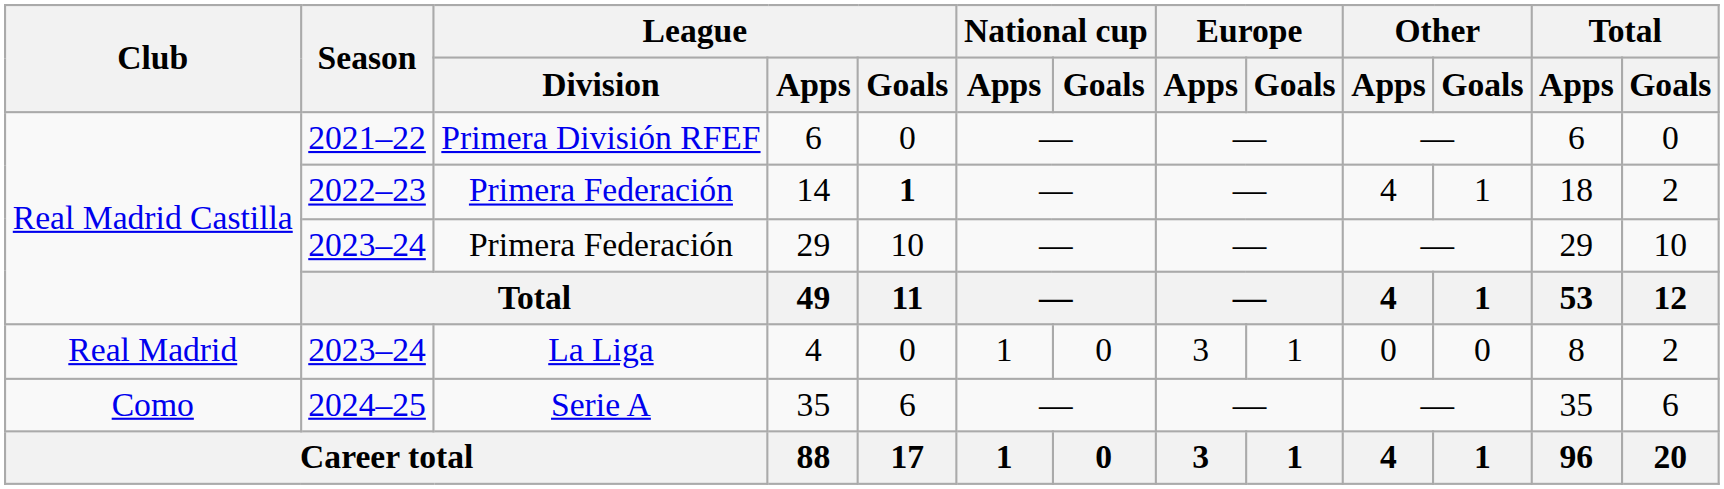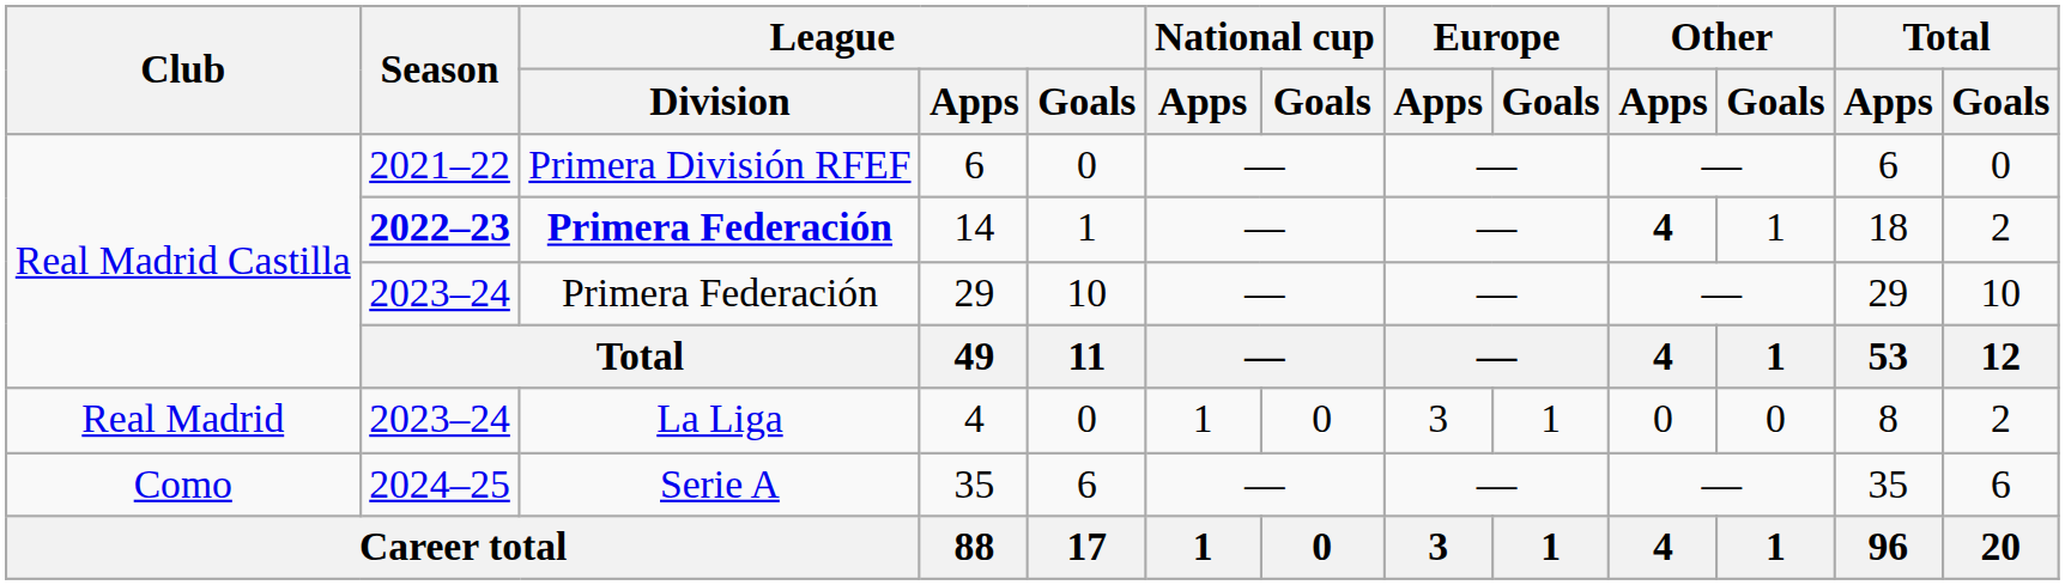 <table class=wikitable style=text-align:center>
 <tr>
 <th rowspan="2">Club</th>
 <th rowspan="2">Season</th>
 <th colspan="3">League</th>
 <th colspan="2">National cup</th>
 <th colspan="2">Europe</th>
 <th colspan="2">Other</th>
 <th colspan="2">Total</th>
 </tr>
 <tr>
 <th>Division</th>
 <th>Apps</th>
 <th>Goals</th>
 <th>Apps</th>
 <th>Goals</th>
 <th>Apps</th>
 <th>Goals</th>
 <th>Apps</th>
 <th>Goals</th>
 <th>Apps</th>
 <th>Goals</th>
 </tr>
 <tr>
 <td rowspan="4"><a href='#'>Real Madrid Castilla</a></td>
 <td><a href='#'>2021–22</a></td>
 <td><a href='#'>Primera División RFEF</a></td>
 <td>6</td>
 <td>0</td>
 <td colspan="2">—</td>
 <td colspan="2">—</td>
 <td colspan="2">—</td>
 <td>6</td>
 <td>0</td>
 </tr>
 <tr>
-<td><a href='#'>2022–23</a></td>
-<td><a href='#'>Primera Federación</a></td>
+<td><strong><a href='#'>2022–23</a></strong></td>
+<td><strong><a href='#'>Primera Federación</a></strong></td>
 <td>14</td>
-<td><strong>1</strong></td>
+<td>1</td>
 <td colspan="2">—</td>
 <td colspan="2">—</td>
-<td>4</td>
+<td><strong>4</strong></td>
 <td>1</td>
 <td>18</td>
 <td>2</td>
 </tr>
 <tr>
 <td><a href='#'>2023–24</a></td>
 <td>Primera Federación</td>
 <td>29</td>
 <td>10</td>
 <td colspan="2">—</td>
 <td colspan="2">—</td>
 <td colspan="2">—</td>
 <td>29</td>
 <td>10</td>
 </tr>
 <tr>
 <th colspan="2">Total</th>
 <th>49</th>
 <th>11</th>
 <th colspan="2">—</th>
 <th colspan="2">—</th>
 <th>4</th>
 <th>1</th>
 <th>53</th>
 <th>12</th>
 </tr>
 <tr>
 <td><a href='#'>Real Madrid</a></td>
 <td><a href='#'>2023–24</a></td>
 <td><a href='#'>La Liga</a></td>
 <td>4</td>
 <td>0</td>
 <td>1</td>
 <td>0</td>
 <td>3</td>
 <td>1</td>
 <td>0</td>
 <td>0</td>
 <td>8</td>
 <td>2</td>
 </tr>
 <tr>
 <td><a href='#'>Como</a></td>
 <td><a href='#'>2024–25</a></td>
 <td><a href='#'>Serie A</a></td>
 <td>35</td>
 <td>6</td>
 <td colspan="2">—</td>
 <td colspan="2">—</td>
 <td colspan="2">—</td>
 <td>35</td>
 <td>6</td>
 </tr>
 <tr>
 <th colspan="3">Career total</th>
 <th>88</th>
 <th>17</th>
 <th>1</th>
 <th>0</th>
 <th>3</th>
 <th>1</th>
 <th>4</th>
 <th>1</th>
 <th>96</th>
 <th>20</th>
 </tr>
 </table>
